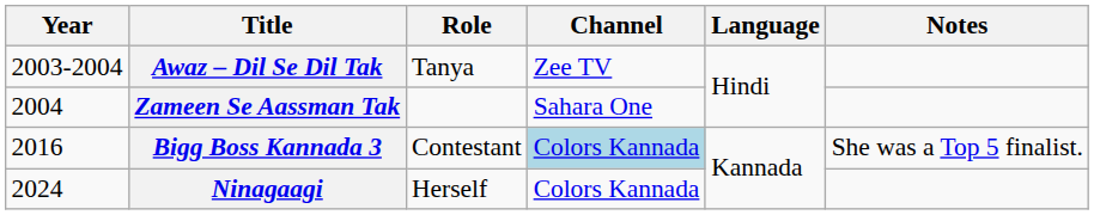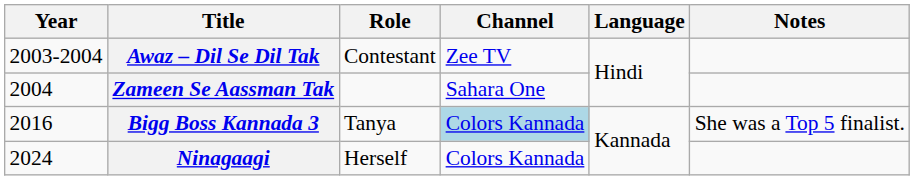 <table class="wikitable sortable plainrowheaders" style="text-align: margin;">
 <tr>
 <th scope="col">Year</th>
 <th scope="col">Title</th>
 <th scope="col">Role</th>
 <th scope="col">Channel</th>
 <th scope="col">Language</th>
 <th scope="col">Notes</th>
 </tr>
 <tr>
 <td>2003-2004</td>
 <th scope="row"><em><a href='#'>Awaz – Dil Se Dil Tak</a></em></th>
-<td>Tanya</td>
+<td>Contestant</td>
 <td><a href='#'>Zee TV</a></td>
 <td rowspan="2">Hindi</td>
 <td></td>
 </tr>
 <tr>
 <td>2004</td>
 <th scope="row"><em><a href='#'>Zameen Se Aassman Tak</a></em></th>
 <td></td>
 <td><a href='#'>Sahara One</a></td>
 <td></td>
 </tr>
 <tr>
 <td>2016</td>
 <th scope="row"><em><a href='#'>Bigg Boss Kannada 3</a></em></th>
-<td>Contestant</td>
+<td>Tanya</td>
 <td style="background: lightblue;"><a href='#'>Colors Kannada</a></td>
 <td rowspan="2">Kannada</td>
 <td>She was a <a href='#'>Top 5</a> finalist.</td>
 </tr>
 <tr>
 <td>2024</td>
 <th scope="row"><em><a href='#'>Ninagaagi</a></em></th>
 <td>Herself</td>
 <td><a href='#'>Colors Kannada</a></td>
 <td></td>
 </tr>
 </table>
